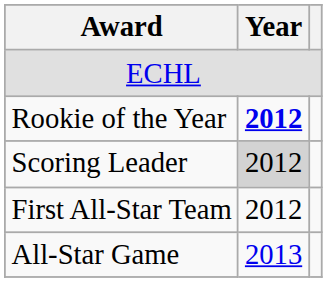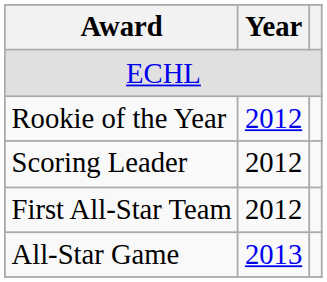 <table class="wikitable">
 <tr>
 <th>Award</th>
 <th>Year</th>
 <th></th>
 </tr>
 <tr ALIGN="center" bgcolor="#e0e0e0">
 <td colspan="3"><a href='#'>ECHL</a></td>
 </tr>
 <tr>
 <td>Rookie of the Year</td>
-<td><strong><a href='#'>2012</a></strong></td>
+<td><a href='#'>2012</a></td>
 <td></td>
 </tr>
 <tr>
 <td>Scoring Leader</td>
-<td style="background: lightgrey;">2012</td>
+<td>2012</td>
 <td></td>
 </tr>
 <tr>
 <td>First All-Star Team</td>
 <td>2012</td>
 <td></td>
 </tr>
 <tr>
 <td>All-Star Game</td>
 <td><a href='#'>2013</a></td>
 <td></td>
 </tr>
 </table>
